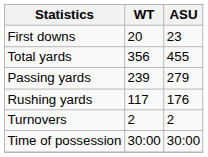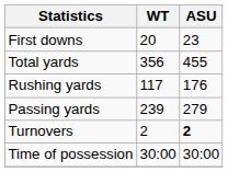 <table class="wikitable">
 <tr>
 <th>Statistics</th>
 <th>WT</th>
 <th>ASU</th>
 </tr>
 <tr>
 <td>First downs</td>
 <td>20</td>
 <td>23</td>
 </tr>
 <tr>
 <td>Total yards</td>
 <td>356</td>
 <td>455</td>
 </tr>
 <tr>
+<td>Rushing yards</td>
+<td>117</td>
+<td>176</td>
+</tr>
+<tr>
 <td>Passing yards</td>
 <td>239</td>
 <td>279</td>
 </tr>
 <tr>
-<td>Rushing yards</td>
-<td>117</td>
-<td>176</td>
-</tr>
-<tr>
 <td>Turnovers</td>
 <td>2</td>
-<td>2</td>
+<td><strong>2</strong></td>
 </tr>
 <tr>
 <td>Time of possession</td>
 <td>30:00</td>
 <td>30:00</td>
 </tr>
 <tr>
 </tr>
 </table>
